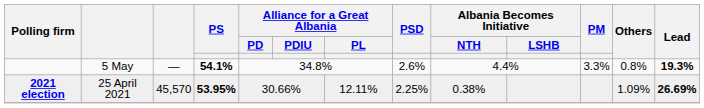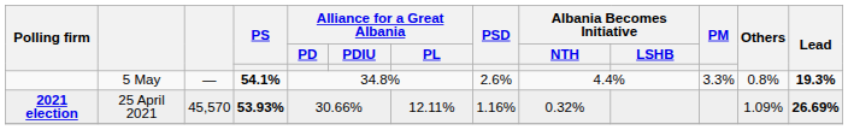 <table class="wikitable sortable tpl-blanktablele" style="text-align:center;font-size:90%;line-height:14px;">
 <tr style="height:40px;">
 <th rowspan="3">Polling firm</th>
 <th rowspan="3"></th>
 <th rowspan="3"></th>
 <th class="unsortable" style="width:40px;" rowspan=2><a href='#'>PS</a></th>
 <th colspan=3><a href='#'>Alliance for a Great Albania</a></th>
 <th class="unsortable" style="width:40px;" rowspan=2><a href='#'>PSD</a></th>
 <th colspan=2>Albania Becomes Initiative</th>
 <th rowspan="2" class="unsortable" style="width:30px;"><a href='#'>PM</a></th>
 <th class="unsortable" style="width:30px;"  rowspan=3>Others</th>
 <th style="width:30px;" rowspan=3><br>Lead</th>
 </tr>
 <tr>
 <th><a href='#'>PD</a></th>
 <th><a href='#'>PDIU</a></th>
 <th><a href='#'>PL</a></th>
 <th><a href='#'>NTH</a></th>
 <th><a href='#'>LSHB</a></th>
 </tr>
 <tr>
 <th style="background:"></th>
 <th style="background:"></th>
 <th style="background:"></th>
 <th style="background:"></th>
 <th style="background:"></th>
 <th style="background:"></th>
 <th style="background:"></th>
 <th style="background:"></th>
 </tr>
 <tr>
 <td></td>
 <td>5 May</td>
 <td>—</td>
 <td><strong>54.1%</strong><br> </td>
 <td colspan="3">34.8%<br> </td>
 <td>2.6%<br> </td>
 <td colspan="2">4.4%<br> </td>
 <td>3.3%<br> </td>
 <td>0.8%</td>
 <td style="background:"><strong>19.3%</strong></td>
 </tr>
 <tr style="background:#EFEFEF">
 <td><strong><a href='#'>2021 election</a></strong></td>
 <td>25 April 2021</td>
 <td>45,570</td>
-<td><strong>53.95%</strong> <br> </td>
+<td><strong>53.93%</strong> <br> </td>
 <td colspan="2">30.66%<br> </td>
 <td>12.11%<br> </td>
-<td>2.25%<br> </td>
-<td>0.38%<br> </td>
+<td>1.16%<br> </td>
+<td>0.32%<br> </td>
 <td></td>
 <td></td>
 <td>1.09%</td>
 <td style="background:"><strong>26.69%</strong></td>
 </tr>
 <tr>
 </tr>
 </table>
